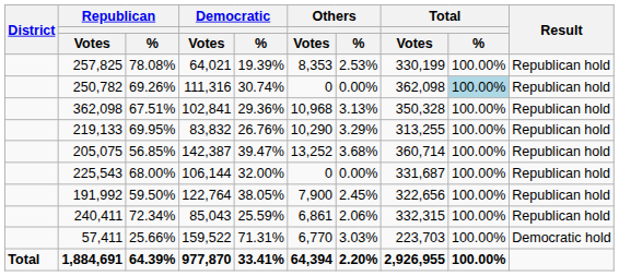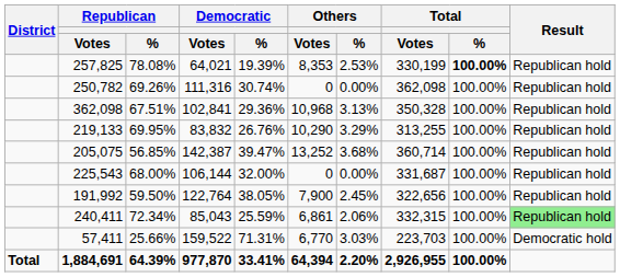 <table class="wikitable plainrowheaders sortable" style="font-size:90%; text-align:right;">
 <tr>
 <th scope=col rowspan=3><a href='#'>District</a></th>
 <th scope=col colspan=2><a href='#'>Republican</a></th>
 <th scope=col colspan=2><a href='#'>Democratic</a></th>
 <th scope=col colspan=2>Others</th>
 <th scope=col colspan=2>Total</th>
 <th scope=col rowspan=3>Result</th>
 </tr>
 <tr>
 <th scope=col colspan=2 style="background:"></th>
 <th scope=col colspan=2 style="background:"></th>
 <th scope=col colspan=2></th>
 <th scope=col colspan=2></th>
 </tr>
 <tr>
 <th scope=col data-sort-type="number">Votes</th>
 <th scope=col data-sort-type="number">%</th>
 <th scope=col data-sort-type="number">Votes</th>
 <th scope=col data-sort-type="number">%</th>
 <th scope=col data-sort-type="number">Votes</th>
 <th scope=col data-sort-type="number">%</th>
 <th scope=col data-sort-type="number">Votes</th>
 <th scope=col data-sort-type="number">%</th>
 </tr>
 <tr>
 <td align=left></td>
 <td>257,825</td>
 <td>78.08%</td>
 <td>64,021</td>
 <td>19.39%</td>
 <td>8,353</td>
 <td>2.53%</td>
 <td>330,199</td>
-<td>100.00%</td>
+<td><strong>100.00%</strong></td>
 <td align=left>Republican hold</td>
 </tr>
 <tr>
 <td align=left></td>
 <td>250,782</td>
 <td>69.26%</td>
 <td>111,316</td>
 <td>30.74%</td>
 <td>0</td>
 <td>0.00%</td>
 <td>362,098</td>
-<td style="background: lightblue;">100.00%</td>
+<td>100.00%</td>
 <td align=left>Republican hold</td>
 </tr>
 <tr>
 <td align=left></td>
 <td>362,098</td>
 <td>67.51%</td>
 <td>102,841</td>
 <td>29.36%</td>
 <td>10,968</td>
 <td>3.13%</td>
 <td>350,328</td>
 <td>100.00%</td>
 <td align=left>Republican hold</td>
 </tr>
 <tr>
 <td align=left></td>
 <td>219,133</td>
 <td>69.95%</td>
 <td>83,832</td>
 <td>26.76%</td>
 <td>10,290</td>
 <td>3.29%</td>
 <td>313,255</td>
 <td>100.00%</td>
 <td align=left>Republican hold</td>
 </tr>
 <tr>
 <td align=left></td>
 <td>205,075</td>
 <td>56.85%</td>
 <td>142,387</td>
 <td>39.47%</td>
 <td>13,252</td>
 <td>3.68%</td>
 <td>360,714</td>
 <td>100.00%</td>
 <td align=left>Republican hold</td>
 </tr>
 <tr>
 <td align=left></td>
 <td>225,543</td>
 <td>68.00%</td>
 <td>106,144</td>
 <td>32.00%</td>
 <td>0</td>
 <td>0.00%</td>
 <td>331,687</td>
 <td>100.00%</td>
 <td align=left>Republican hold</td>
 </tr>
 <tr>
 <td align=left></td>
 <td>191,992</td>
 <td>59.50%</td>
 <td>122,764</td>
 <td>38.05%</td>
 <td>7,900</td>
 <td>2.45%</td>
 <td>322,656</td>
 <td>100.00%</td>
 <td align=left>Republican hold</td>
 </tr>
 <tr>
 <td align=left></td>
 <td>240,411</td>
 <td>72.34%</td>
 <td>85,043</td>
 <td>25.59%</td>
 <td>6,861</td>
 <td>2.06%</td>
 <td>332,315</td>
 <td>100.00%</td>
-<td align=left>Republican hold</td>
+<td align=left style="background: lightgreen;">Republican hold</td>
 </tr>
 <tr>
 <td align=left></td>
 <td>57,411</td>
 <td>25.66%</td>
 <td>159,522</td>
 <td>71.31%</td>
 <td>6,770</td>
 <td>3.03%</td>
 <td>223,703</td>
 <td>100.00%</td>
 <td align=left>Democratic hold</td>
 </tr>
 <tr class="sortbottom" style="font-weight:bold">
 <td align=left>Total</td>
 <td>1,884,691</td>
 <td>64.39%</td>
 <td>977,870</td>
 <td>33.41%</td>
 <td>64,394</td>
 <td>2.20%</td>
 <td><strong>2,926,955</strong></td>
 <td>100.00%</td>
 <td></td>
 </tr>
 </table>
